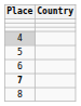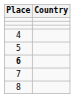 <table class="wikitable" style="font-size:95%;">
 <tr>
 <th>Place</th>
 <th>Country</th>
 </tr>
 <tr>
 <td align="center"></td>
 <td></td>
 </tr>
 <tr>
 <td align="center"></td>
 <td></td>
 </tr>
 <tr>
 <td align="center"></td>
 <td></td>
 </tr>
 <tr>
-<td align="center" style="background: lightgrey;">4</td>
+<td align="center">4</td>
 <td></td>
 </tr>
 <tr>
 <td align="center">5</td>
 <td></td>
 </tr>
 <tr>
-<td align="center">6</td>
+<td align="center"><strong>6</strong></td>
 <td></td>
 </tr>
 <tr>
-<td align="center"><strong>7</strong></td>
+<td align="center">7</td>
 <td></td>
 </tr>
 <tr>
 <td align="center">8</td>
 <td></td>
 </tr>
 </table>
